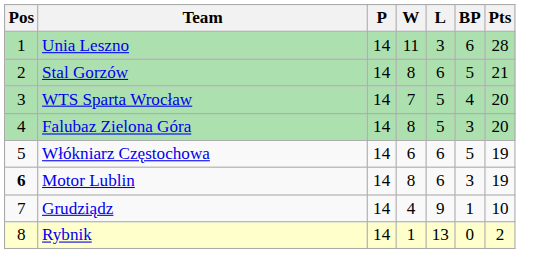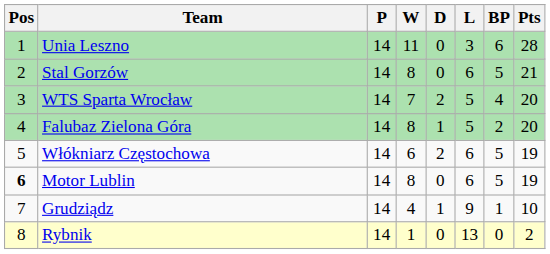 <table class="wikitable" style="font-size: 100%">
 <tr>
 <th width=20>Pos</th>
 <th width=300>Team</th>
 <th width=20>P</th>
 <th width=20>W</th>
+<th width=20>D</th>
 <th width=20>L</th>
 <th width=20>BP</th>
 <th width=20>Pts</th>
 </tr>
 <tr align=center style="background:#ACE1AF;">
 <td>1</td>
 <td align="left"><a href='#'>Unia Leszno</a></td>
 <td>14</td>
 <td>11</td>
+<td>0</td>
 <td>3</td>
 <td>6</td>
 <td>28</td>
 </tr>
 <tr align=center style="background:#ACE1AF;">
 <td>2</td>
 <td align="left"><a href='#'>Stal Gorzów</a></td>
 <td>14</td>
 <td>8</td>
+<td>0</td>
 <td>6</td>
 <td>5</td>
 <td>21</td>
 </tr>
 <tr align=center style="background:#ACE1AF;">
 <td>3</td>
 <td align="left"><a href='#'>WTS Sparta Wrocław</a></td>
 <td>14</td>
 <td>7</td>
+<td>2</td>
 <td>5</td>
 <td>4</td>
 <td>20</td>
 </tr>
 <tr align=center style="background:#ACE1AF;">
 <td>4</td>
 <td align="left"><a href='#'>Falubaz Zielona Góra</a></td>
 <td>14</td>
 <td>8</td>
+<td>1</td>
 <td>5</td>
-<td>3</td>
+<td>2</td>
 <td>20</td>
 </tr>
 <tr align=center>
 <td>5</td>
 <td align="left"><a href='#'>Włókniarz Częstochowa</a></td>
 <td>14</td>
 <td>6</td>
+<td>2</td>
 <td>6</td>
 <td>5</td>
 <td>19</td>
 </tr>
 <tr align=center>
 <td><strong>6</strong></td>
 <td align="left"><a href='#'>Motor Lublin</a></td>
 <td>14</td>
 <td>8</td>
+<td>0</td>
 <td>6</td>
-<td>3</td>
+<td>5</td>
 <td>19</td>
 </tr>
 <tr align=center>
 <td>7</td>
 <td align="left"><a href='#'>Grudziądz</a></td>
 <td>14</td>
 <td>4</td>
+<td>1</td>
 <td>9</td>
 <td>1</td>
 <td>10</td>
 </tr>
 <tr align=center style="background: #ffffcc;">
 <td>8</td>
 <td align="left"><a href='#'>Rybnik</a></td>
 <td>14</td>
 <td>1</td>
+<td>0</td>
 <td>13</td>
 <td>0</td>
 <td>2</td>
 </tr>
 </table>
